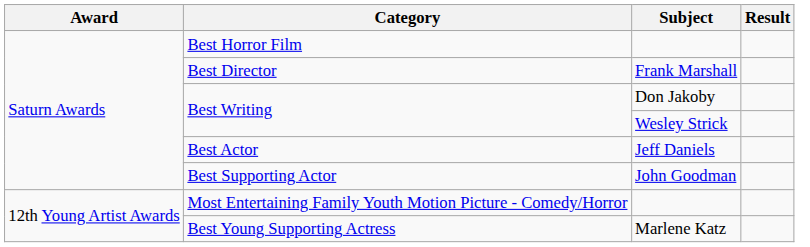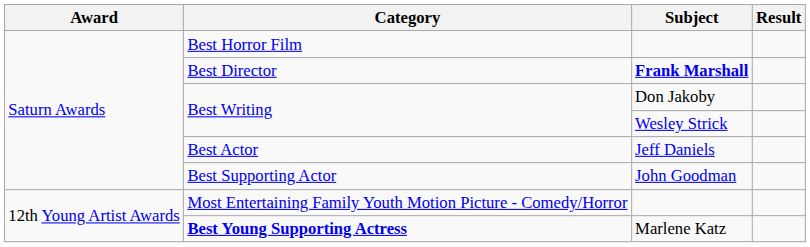 <table class="wikitable">
 <tr>
 <th>Award</th>
 <th>Category</th>
 <th>Subject</th>
 <th>Result</th>
 </tr>
 <tr>
 <td rowspan=6><a href='#'>Saturn Awards</a></td>
 <td><a href='#'>Best Horror Film</a></td>
 <td></td>
 <td></td>
 </tr>
 <tr>
 <td><a href='#'>Best Director</a></td>
-<td><a href='#'>Frank Marshall</a></td>
+<td><strong><a href='#'>Frank Marshall</a></strong></td>
 <td></td>
 </tr>
 <tr>
 <td rowspan=2><a href='#'>Best Writing</a></td>
 <td>Don Jakoby</td>
 <td></td>
 </tr>
 <tr>
 <td><a href='#'>Wesley Strick</a></td>
 <td></td>
 </tr>
 <tr>
 <td><a href='#'>Best Actor</a></td>
 <td><a href='#'>Jeff Daniels</a></td>
 <td></td>
 </tr>
 <tr>
 <td><a href='#'>Best Supporting Actor</a></td>
 <td><a href='#'>John Goodman</a></td>
 <td></td>
 </tr>
 <tr>
 <td rowspan=2>12th <a href='#'>Young Artist Awards</a></td>
 <td><a href='#'>Most Entertaining Family Youth Motion Picture - Comedy/Horror</a></td>
 <td></td>
 <td></td>
 </tr>
 <tr>
-<td><a href='#'>Best Young Supporting Actress</a></td>
+<td><strong><a href='#'>Best Young Supporting Actress</a></strong></td>
 <td>Marlene Katz</td>
 <td></td>
 </tr>
 </table>
